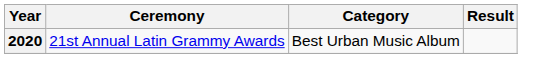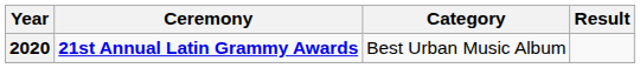 <table class="wikitable plainrowheaders">
 <tr>
 <th scope="col">Year</th>
 <th scope="col">Ceremony</th>
 <th scope="col">Category</th>
 <th scope="col">Result</th>
 </tr>
 <tr>
 <th scope="row" rowspan="1">2020</th>
-<td><a href='#'>21st Annual Latin Grammy Awards</a></td>
+<td><strong><a href='#'>21st Annual Latin Grammy Awards</a></strong></td>
 <td>Best Urban Music Album</td>
 <td></td>
 </tr>
 <tr>
 </tr>
 </table>
